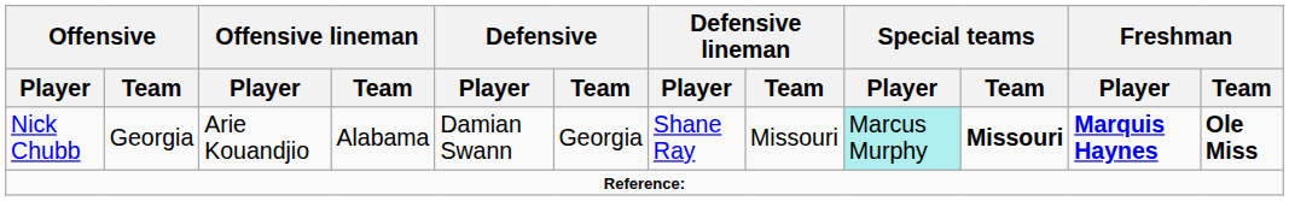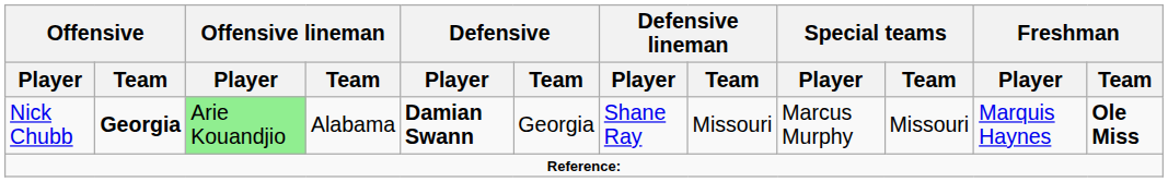 <table class="wikitable" border="1">
 <tr>
 <th colspan="2">Offensive</th>
 <th colspan="2">Offensive lineman</th>
 <th colspan="2">Defensive</th>
 <th colspan="2">Defensive lineman</th>
 <th colspan="2">Special teams</th>
 <th colspan="2">Freshman</th>
 </tr>
 <tr>
 <th>Player</th>
 <th>Team</th>
 <th>Player</th>
 <th>Team</th>
 <th>Player</th>
 <th>Team</th>
 <th>Player</th>
 <th>Team</th>
 <th>Player</th>
 <th>Team</th>
 <th>Player</th>
 <th>Team</th>
 </tr>
 <tr>
 <td><a href='#'>Nick Chubb</a></td>
-<td>Georgia</td>
-<td>Arie Kouandjio</td>
+<td><strong>Georgia</strong></td>
+<td style="background: lightgreen;">Arie Kouandjio</td>
 <td>Alabama</td>
-<td>Damian Swann</td>
+<td><strong>Damian Swann</strong></td>
 <td>Georgia</td>
 <td><a href='#'>Shane Ray</a></td>
 <td>Missouri</td>
-<td style="background: paleturquoise;">Marcus Murphy</td>
-<td><strong>Missouri</strong></td>
-<td><strong><a href='#'>Marquis Haynes</a></strong></td>
+<td>Marcus Murphy</td>
+<td>Missouri</td>
+<td><a href='#'>Marquis Haynes</a></td>
 <td><strong>Ole Miss</strong></td>
 </tr>
 <tr>
 <td colspan="12" style="font-size: 8pt" align="center"><strong>Reference:</strong></td>
 </tr>
 </table>
